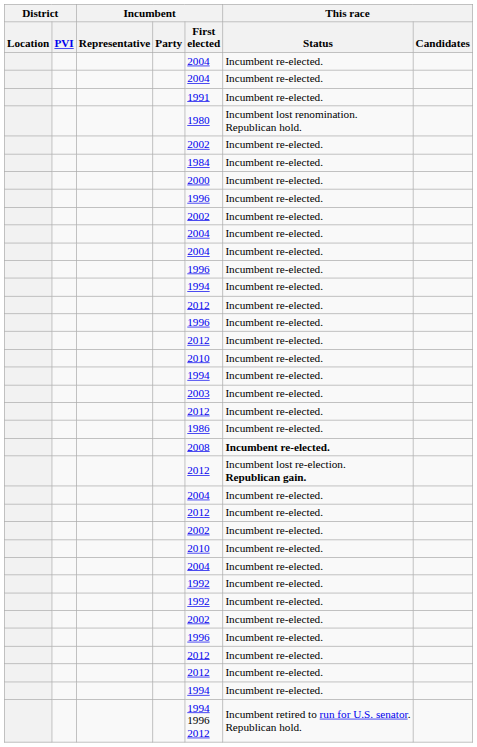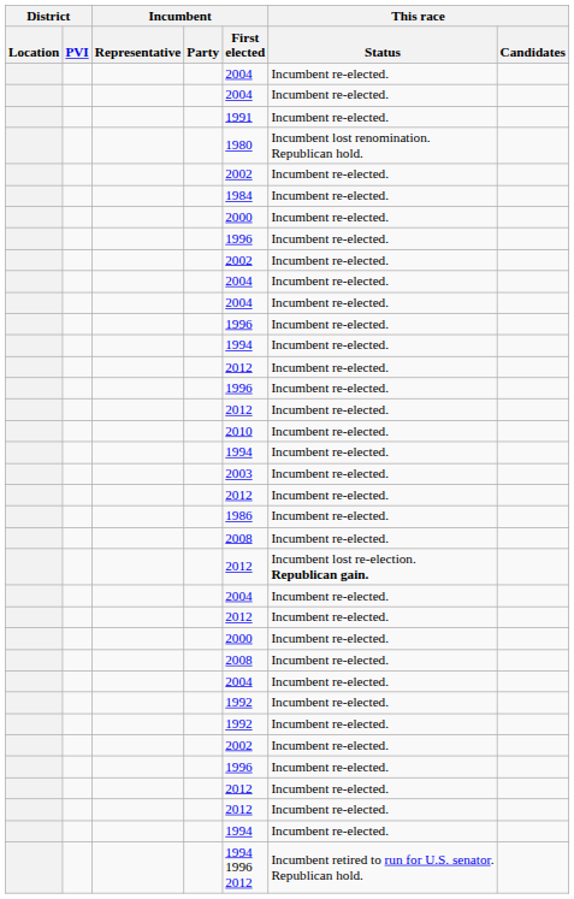 <table class="wikitable sortable">
 <tr valign=bottom>
 <th colspan=2>District</th>
 <th colspan=3>Incumbent</th>
 <th colspan=2>This race</th>
 </tr>
 <tr valign=bottom>
 <th>Location</th>
 <th><a href='#'>PVI</a></th>
 <th>Representative</th>
 <th>Party</th>
 <th>First<br>elected</th>
 <th>Status</th>
 <th>Candidates</th>
 </tr>
 <tr>
 <th></th>
 <td></td>
 <td></td>
 <td></td>
 <td><a href='#'>2004</a></td>
 <td>Incumbent re-elected.</td>
 <td nowrap></td>
 </tr>
 <tr>
 <th></th>
 <td></td>
 <td></td>
 <td></td>
 <td><a href='#'>2004</a></td>
 <td>Incumbent re-elected.</td>
 <td nowrap></td>
 </tr>
 <tr>
 <th></th>
 <td></td>
 <td></td>
 <td></td>
 <td><a href='#'>1991 </a></td>
 <td>Incumbent re-elected.</td>
 <td nowrap></td>
 </tr>
 <tr>
 <th></th>
 <td></td>
 <td></td>
 <td></td>
 <td><a href='#'>1980</a></td>
 <td>Incumbent lost renomination.<br>Republican hold.</td>
 <td nowrap></td>
 </tr>
 <tr>
 <th></th>
 <td></td>
 <td></td>
 <td></td>
 <td><a href='#'>2002</a></td>
 <td>Incumbent re-elected.</td>
 <td nowrap></td>
 </tr>
 <tr>
 <th></th>
 <td></td>
 <td></td>
 <td></td>
 <td><a href='#'>1984</a></td>
 <td>Incumbent re-elected.</td>
 <td nowrap></td>
 </tr>
 <tr>
 <th></th>
 <td></td>
 <td></td>
 <td></td>
 <td><a href='#'>2000</a></td>
 <td>Incumbent re-elected.</td>
 <td nowrap></td>
 </tr>
 <tr>
 <th></th>
 <td></td>
 <td></td>
 <td></td>
 <td><a href='#'>1996</a></td>
 <td>Incumbent re-elected.</td>
 <td nowrap></td>
 </tr>
 <tr>
 <th></th>
 <td></td>
 <td></td>
 <td></td>
 <td><a href='#'>2002</a></td>
 <td>Incumbent re-elected.</td>
 <td nowrap></td>
 </tr>
 <tr>
 <th></th>
 <td></td>
 <td></td>
 <td></td>
 <td><a href='#'>2004</a></td>
 <td>Incumbent re-elected.</td>
 <td nowrap></td>
 </tr>
 <tr>
 <th></th>
 <td></td>
 <td></td>
 <td></td>
 <td><a href='#'>2004</a></td>
 <td>Incumbent re-elected.</td>
 <td nowrap></td>
 </tr>
 <tr>
 <th></th>
 <td></td>
 <td></td>
 <td></td>
 <td><a href='#'>1996</a></td>
 <td>Incumbent re-elected.</td>
 <td nowrap></td>
 </tr>
 <tr>
 <th></th>
 <td></td>
 <td></td>
 <td></td>
 <td><a href='#'>1994</a></td>
 <td>Incumbent re-elected.</td>
 <td nowrap></td>
 </tr>
 <tr>
 <th></th>
 <td></td>
 <td></td>
 <td></td>
 <td><a href='#'>2012</a></td>
 <td>Incumbent re-elected.</td>
 <td nowrap></td>
 </tr>
 <tr>
 <th></th>
 <td></td>
 <td></td>
 <td></td>
 <td><a href='#'>1996</a></td>
 <td>Incumbent re-elected.</td>
 <td nowrap></td>
 </tr>
 <tr>
 <th></th>
 <td></td>
 <td></td>
 <td></td>
 <td><a href='#'>2012</a></td>
 <td>Incumbent re-elected.</td>
 <td nowrap></td>
 </tr>
 <tr>
 <th></th>
 <td></td>
 <td></td>
 <td></td>
 <td><a href='#'>2010</a></td>
 <td>Incumbent re-elected.</td>
 <td nowrap></td>
 </tr>
 <tr>
 <th></th>
 <td></td>
 <td></td>
 <td></td>
 <td><a href='#'>1994</a></td>
 <td>Incumbent re-elected.</td>
 <td nowrap></td>
 </tr>
 <tr>
 <th></th>
 <td></td>
 <td></td>
 <td></td>
 <td><a href='#'>2003 </a></td>
 <td>Incumbent re-elected.</td>
 <td nowrap></td>
 </tr>
 <tr>
 <th></th>
 <td></td>
 <td></td>
 <td></td>
 <td><a href='#'>2012</a></td>
 <td>Incumbent re-elected.</td>
 <td nowrap></td>
 </tr>
 <tr>
 <th></th>
 <td></td>
 <td></td>
 <td></td>
 <td><a href='#'>1986</a></td>
 <td>Incumbent re-elected.</td>
 <td nowrap></td>
 </tr>
 <tr>
 <th></th>
 <td></td>
 <td></td>
 <td></td>
 <td><a href='#'>2008</a></td>
-<td><strong>Incumbent re-elected.</strong></td>
+<td>Incumbent re-elected.</td>
 <td nowrap></td>
 </tr>
 <tr>
 <th></th>
 <td></td>
 <td></td>
 <td></td>
 <td><a href='#'>2012</a></td>
 <td>Incumbent lost re-election.<br><strong>Republican gain.</strong></td>
 <td nowrap></td>
 </tr>
 <tr>
 <th></th>
 <td></td>
 <td></td>
 <td></td>
 <td><a href='#'>2004</a></td>
 <td>Incumbent re-elected.</td>
 <td nowrap></td>
 </tr>
 <tr>
 <th></th>
 <td></td>
 <td></td>
 <td></td>
 <td><a href='#'>2012</a></td>
 <td>Incumbent re-elected.</td>
 <td nowrap></td>
 </tr>
 <tr>
 <th></th>
 <td></td>
 <td></td>
 <td></td>
-<td><a href='#'>2002</a></td>
+<td><a href='#'>2000</a></td>
 <td>Incumbent re-elected.</td>
 <td nowrap></td>
 </tr>
 <tr>
 <th></th>
 <td></td>
 <td></td>
 <td></td>
-<td><a href='#'>2010</a></td>
+<td><a href='#'>2008</a></td>
 <td>Incumbent re-elected.</td>
 <td nowrap></td>
 </tr>
 <tr>
 <th></th>
 <td></td>
 <td></td>
 <td></td>
 <td><a href='#'>2004</a></td>
 <td>Incumbent re-elected.</td>
 <td nowrap></td>
 </tr>
 <tr>
 <th></th>
 <td></td>
 <td></td>
 <td></td>
 <td><a href='#'>1992</a></td>
 <td>Incumbent re-elected.</td>
 <td nowrap></td>
 </tr>
 <tr>
 <th></th>
 <td></td>
 <td></td>
 <td></td>
 <td><a href='#'>1992</a></td>
 <td>Incumbent re-elected.</td>
 <td nowrap></td>
 </tr>
 <tr>
 <th></th>
 <td></td>
 <td></td>
 <td></td>
 <td><a href='#'>2002</a></td>
 <td>Incumbent re-elected.</td>
 <td nowrap></td>
 </tr>
 <tr>
 <th></th>
 <td></td>
 <td></td>
 <td></td>
 <td><a href='#'>1996</a></td>
 <td>Incumbent re-elected.</td>
 <td nowrap></td>
 </tr>
 <tr>
 <th></th>
 <td></td>
 <td></td>
 <td></td>
 <td><a href='#'>2012</a></td>
 <td>Incumbent re-elected.</td>
 <td nowrap></td>
 </tr>
 <tr>
 <th></th>
 <td></td>
 <td></td>
 <td></td>
 <td><a href='#'>2012</a></td>
 <td>Incumbent re-elected.</td>
 <td nowrap></td>
 </tr>
 <tr>
 <th></th>
 <td></td>
 <td></td>
 <td></td>
 <td><a href='#'>1994</a></td>
 <td>Incumbent re-elected.</td>
 <td nowrap></td>
 </tr>
 <tr>
 <th></th>
 <td></td>
 <td></td>
 <td></td>
 <td><a href='#'>1994</a><br>1996 <br><a href='#'>2012</a></td>
 <td>Incumbent retired to <a href='#'>run for U.S. senator</a>.<br>Republican hold.</td>
 <td nowrap></td>
 </tr>
 </table>
